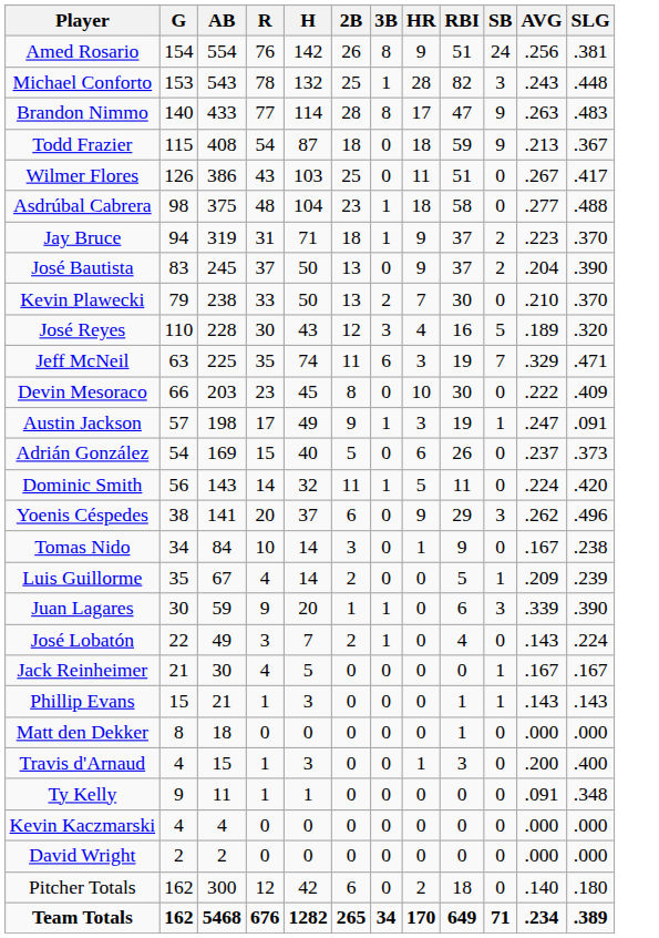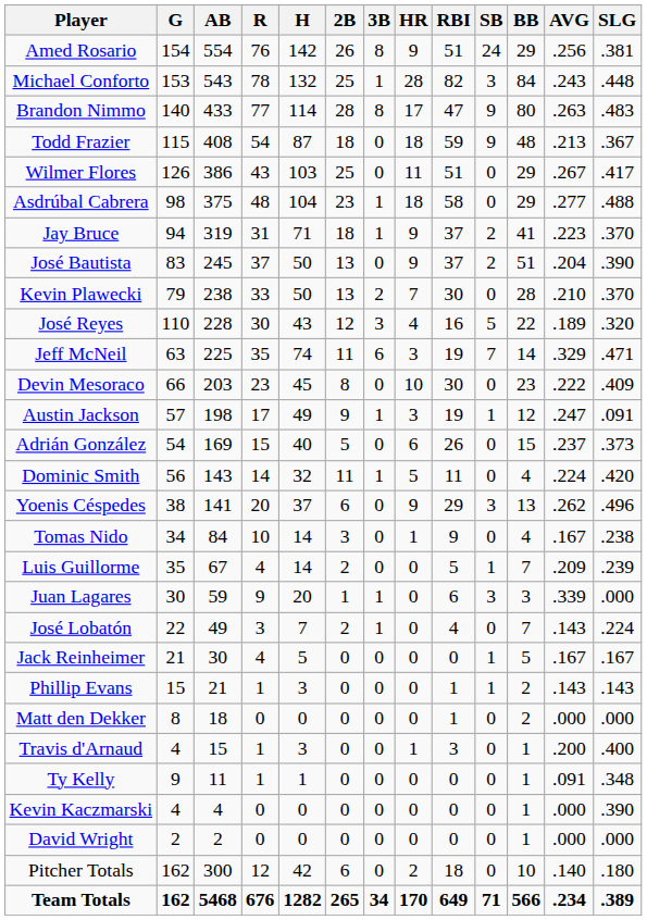 <table class=wikitable style="text-align:center">
 <tr>
 <th>Player</th>
 <th>G</th>
 <th>AB</th>
 <th>R</th>
 <th>H</th>
 <th>2B</th>
 <th>3B</th>
 <th>HR</th>
 <th>RBI</th>
 <th>SB</th>
+<th>BB</th>
 <th>AVG</th>
 <th>SLG</th>
 </tr>
 <tr>
 <td><a href='#'>Amed Rosario</a></td>
 <td>154</td>
 <td>554</td>
 <td>76</td>
 <td>142</td>
 <td>26</td>
 <td>8</td>
 <td>9</td>
 <td>51</td>
 <td>24</td>
+<td>29</td>
 <td>.256</td>
 <td>.381</td>
 </tr>
 <tr>
 <td><a href='#'>Michael Conforto</a></td>
 <td>153</td>
 <td>543</td>
 <td>78</td>
 <td>132</td>
 <td>25</td>
 <td>1</td>
 <td>28</td>
 <td>82</td>
 <td>3</td>
+<td>84</td>
 <td>.243</td>
 <td>.448</td>
 </tr>
 <tr>
 <td><a href='#'>Brandon Nimmo</a></td>
 <td>140</td>
 <td>433</td>
 <td>77</td>
 <td>114</td>
 <td>28</td>
 <td>8</td>
 <td>17</td>
 <td>47</td>
 <td>9</td>
+<td>80</td>
 <td>.263</td>
 <td>.483</td>
 </tr>
 <tr>
 <td><a href='#'>Todd Frazier</a></td>
 <td>115</td>
 <td>408</td>
 <td>54</td>
 <td>87</td>
 <td>18</td>
 <td>0</td>
 <td>18</td>
 <td>59</td>
 <td>9</td>
+<td>48</td>
 <td>.213</td>
 <td>.367</td>
 </tr>
 <tr>
 <td><a href='#'>Wilmer Flores</a></td>
 <td>126</td>
 <td>386</td>
 <td>43</td>
 <td>103</td>
 <td>25</td>
 <td>0</td>
 <td>11</td>
 <td>51</td>
 <td>0</td>
+<td>29</td>
 <td>.267</td>
 <td>.417</td>
 </tr>
 <tr>
 <td><a href='#'>Asdrúbal Cabrera</a></td>
 <td>98</td>
 <td>375</td>
 <td>48</td>
 <td>104</td>
 <td>23</td>
 <td>1</td>
 <td>18</td>
 <td>58</td>
 <td>0</td>
+<td>29</td>
 <td>.277</td>
 <td>.488</td>
 </tr>
 <tr>
 <td><a href='#'>Jay Bruce</a></td>
 <td>94</td>
 <td>319</td>
 <td>31</td>
 <td>71</td>
 <td>18</td>
 <td>1</td>
 <td>9</td>
 <td>37</td>
 <td>2</td>
+<td>41</td>
 <td>.223</td>
 <td>.370</td>
 </tr>
 <tr>
 <td><a href='#'>José Bautista</a></td>
 <td>83</td>
 <td>245</td>
 <td>37</td>
 <td>50</td>
 <td>13</td>
 <td>0</td>
 <td>9</td>
 <td>37</td>
 <td>2</td>
+<td>51</td>
 <td>.204</td>
 <td>.390</td>
 </tr>
 <tr>
 <td><a href='#'>Kevin Plawecki</a></td>
 <td>79</td>
 <td>238</td>
 <td>33</td>
 <td>50</td>
 <td>13</td>
 <td>2</td>
 <td>7</td>
 <td>30</td>
 <td>0</td>
+<td>28</td>
 <td>.210</td>
 <td>.370</td>
 </tr>
 <tr>
 <td><a href='#'>José Reyes</a></td>
 <td>110</td>
 <td>228</td>
 <td>30</td>
 <td>43</td>
 <td>12</td>
 <td>3</td>
 <td>4</td>
 <td>16</td>
 <td>5</td>
+<td>22</td>
 <td>.189</td>
 <td>.320</td>
 </tr>
 <tr>
 <td><a href='#'>Jeff McNeil</a></td>
 <td>63</td>
 <td>225</td>
 <td>35</td>
 <td>74</td>
 <td>11</td>
 <td>6</td>
 <td>3</td>
 <td>19</td>
 <td>7</td>
+<td>14</td>
 <td>.329</td>
 <td>.471</td>
 </tr>
 <tr>
 <td><a href='#'>Devin Mesoraco</a></td>
 <td>66</td>
 <td>203</td>
 <td>23</td>
 <td>45</td>
 <td>8</td>
 <td>0</td>
 <td>10</td>
 <td>30</td>
 <td>0</td>
+<td>23</td>
 <td>.222</td>
 <td>.409</td>
 </tr>
 <tr>
 <td><a href='#'>Austin Jackson</a></td>
 <td>57</td>
 <td>198</td>
 <td>17</td>
 <td>49</td>
 <td>9</td>
 <td>1</td>
 <td>3</td>
 <td>19</td>
 <td>1</td>
+<td>12</td>
 <td>.247</td>
 <td>.091</td>
 </tr>
 <tr>
 <td><a href='#'>Adrián González</a></td>
 <td>54</td>
 <td>169</td>
 <td>15</td>
 <td>40</td>
 <td>5</td>
 <td>0</td>
 <td>6</td>
 <td>26</td>
 <td>0</td>
+<td>15</td>
 <td>.237</td>
 <td>.373</td>
 </tr>
 <tr>
 <td><a href='#'>Dominic Smith</a></td>
 <td>56</td>
 <td>143</td>
 <td>14</td>
 <td>32</td>
 <td>11</td>
 <td>1</td>
 <td>5</td>
 <td>11</td>
 <td>0</td>
+<td>4</td>
 <td>.224</td>
 <td>.420</td>
 </tr>
 <tr>
 <td><a href='#'>Yoenis Céspedes</a></td>
 <td>38</td>
 <td>141</td>
 <td>20</td>
 <td>37</td>
 <td>6</td>
 <td>0</td>
 <td>9</td>
 <td>29</td>
 <td>3</td>
+<td>13</td>
 <td>.262</td>
 <td>.496</td>
 </tr>
 <tr>
 <td><a href='#'>Tomas Nido</a></td>
 <td>34</td>
 <td>84</td>
 <td>10</td>
 <td>14</td>
 <td>3</td>
 <td>0</td>
 <td>1</td>
 <td>9</td>
 <td>0</td>
+<td>4</td>
 <td>.167</td>
 <td>.238</td>
 </tr>
 <tr>
 <td><a href='#'>Luis Guillorme</a></td>
 <td>35</td>
 <td>67</td>
 <td>4</td>
 <td>14</td>
 <td>2</td>
 <td>0</td>
 <td>0</td>
 <td>5</td>
 <td>1</td>
+<td>7</td>
 <td>.209</td>
 <td>.239</td>
 </tr>
 <tr>
 <td><a href='#'>Juan Lagares</a></td>
 <td>30</td>
 <td>59</td>
 <td>9</td>
 <td>20</td>
 <td>1</td>
 <td>1</td>
 <td>0</td>
 <td>6</td>
 <td>3</td>
+<td>3</td>
 <td>.339</td>
-<td>.390</td>
+<td>.000</td>
 </tr>
 <tr>
 <td><a href='#'>José Lobatón</a></td>
 <td>22</td>
 <td>49</td>
 <td>3</td>
 <td>7</td>
 <td>2</td>
 <td>1</td>
 <td>0</td>
 <td>4</td>
 <td>0</td>
+<td>7</td>
 <td>.143</td>
 <td>.224</td>
 </tr>
 <tr>
 <td><a href='#'>Jack Reinheimer</a></td>
 <td>21</td>
 <td>30</td>
 <td>4</td>
 <td>5</td>
 <td>0</td>
 <td>0</td>
 <td>0</td>
 <td>0</td>
 <td>1</td>
+<td>5</td>
 <td>.167</td>
 <td>.167</td>
 </tr>
 <tr>
 <td><a href='#'>Phillip Evans</a></td>
 <td>15</td>
 <td>21</td>
 <td>1</td>
 <td>3</td>
 <td>0</td>
 <td>0</td>
 <td>0</td>
 <td>1</td>
 <td>1</td>
+<td>2</td>
 <td>.143</td>
 <td>.143</td>
 </tr>
 <tr>
 <td><a href='#'>Matt den Dekker</a></td>
 <td>8</td>
 <td>18</td>
 <td>0</td>
 <td>0</td>
 <td>0</td>
 <td>0</td>
 <td>0</td>
 <td>1</td>
 <td>0</td>
+<td>2</td>
 <td>.000</td>
 <td>.000</td>
 </tr>
 <tr>
 <td><a href='#'>Travis d'Arnaud</a></td>
 <td>4</td>
 <td>15</td>
 <td>1</td>
 <td>3</td>
 <td>0</td>
 <td>0</td>
 <td>1</td>
 <td>3</td>
 <td>0</td>
+<td>1</td>
 <td>.200</td>
 <td>.400</td>
 </tr>
 <tr>
 <td><a href='#'>Ty Kelly</a></td>
 <td>9</td>
 <td>11</td>
 <td>1</td>
 <td>1</td>
 <td>0</td>
 <td>0</td>
 <td>0</td>
 <td>0</td>
 <td>0</td>
+<td>1</td>
 <td>.091</td>
 <td>.348</td>
 </tr>
 <tr>
 <td><a href='#'>Kevin Kaczmarski</a></td>
 <td>4</td>
 <td>4</td>
 <td>0</td>
 <td>0</td>
 <td>0</td>
 <td>0</td>
 <td>0</td>
 <td>0</td>
 <td>0</td>
+<td>1</td>
 <td>.000</td>
-<td>.000</td>
+<td>.390</td>
 </tr>
 <tr>
 <td><a href='#'>David Wright</a></td>
 <td>2</td>
 <td>2</td>
 <td>0</td>
 <td>0</td>
 <td>0</td>
 <td>0</td>
 <td>0</td>
 <td>0</td>
 <td>0</td>
+<td>1</td>
 <td>.000</td>
 <td>.000</td>
 </tr>
 <tr>
 <td>Pitcher Totals</td>
 <td>162</td>
 <td>300</td>
 <td>12</td>
 <td>42</td>
 <td>6</td>
 <td>0</td>
 <td>2</td>
 <td>18</td>
 <td>0</td>
+<td>10</td>
 <td>.140</td>
 <td>.180</td>
 </tr>
 <tr>
 <td><strong>Team Totals</strong></td>
 <td><strong>162</strong></td>
 <td><strong>5468</strong></td>
 <td><strong>676</strong></td>
 <td><strong>1282</strong></td>
 <td><strong>265</strong></td>
 <td><strong>34</strong></td>
 <td><strong>170</strong></td>
 <td><strong>649</strong></td>
 <td><strong>71</strong></td>
+<td><strong>566</strong></td>
 <td><strong>.234</strong></td>
 <td><strong>.389</strong></td>
 </tr>
 </table>
